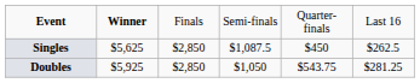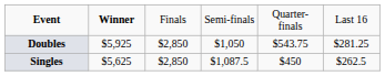 <table class=wikitable style="font-size:90%;text-align:center">
 <tr>
 <td style="width:104px;"><strong>Event</strong></td>
 <td style="width:68px;"><strong>Winner</strong></td>
 <td style="width:68px;">Finals</td>
 <td style="width:68px;">Semi-finals</td>
 <td style="width:80px;">Quarter-finals</td>
 <td style="width:68px;">Last 16</td>
 </tr>
 <tr>
+<td style="background:#dfe2e9;"><strong>Doubles</strong></td>
+<td>$5,925</td>
+<td>$2,850</td>
+<td>$1,050</td>
+<td>$543.75</td>
+<td>$281.25</td>
+</tr>
+<tr>
 <td style="background:#dfe2e9;"><strong>Singles</strong></td>
 <td>$5,625</td>
 <td>$2,850</td>
 <td>$1,087.5</td>
 <td>$450</td>
 <td>$262.5</td>
 </tr>
-<tr>
-<td style="background:#dfe2e9;"><strong>Doubles</strong></td>
-<td>$5,925</td>
-<td>$2,850</td>
-<td>$1,050</td>
-<td>$543.75</td>
-<td>$281.25</td>
-</tr>
 </table>
